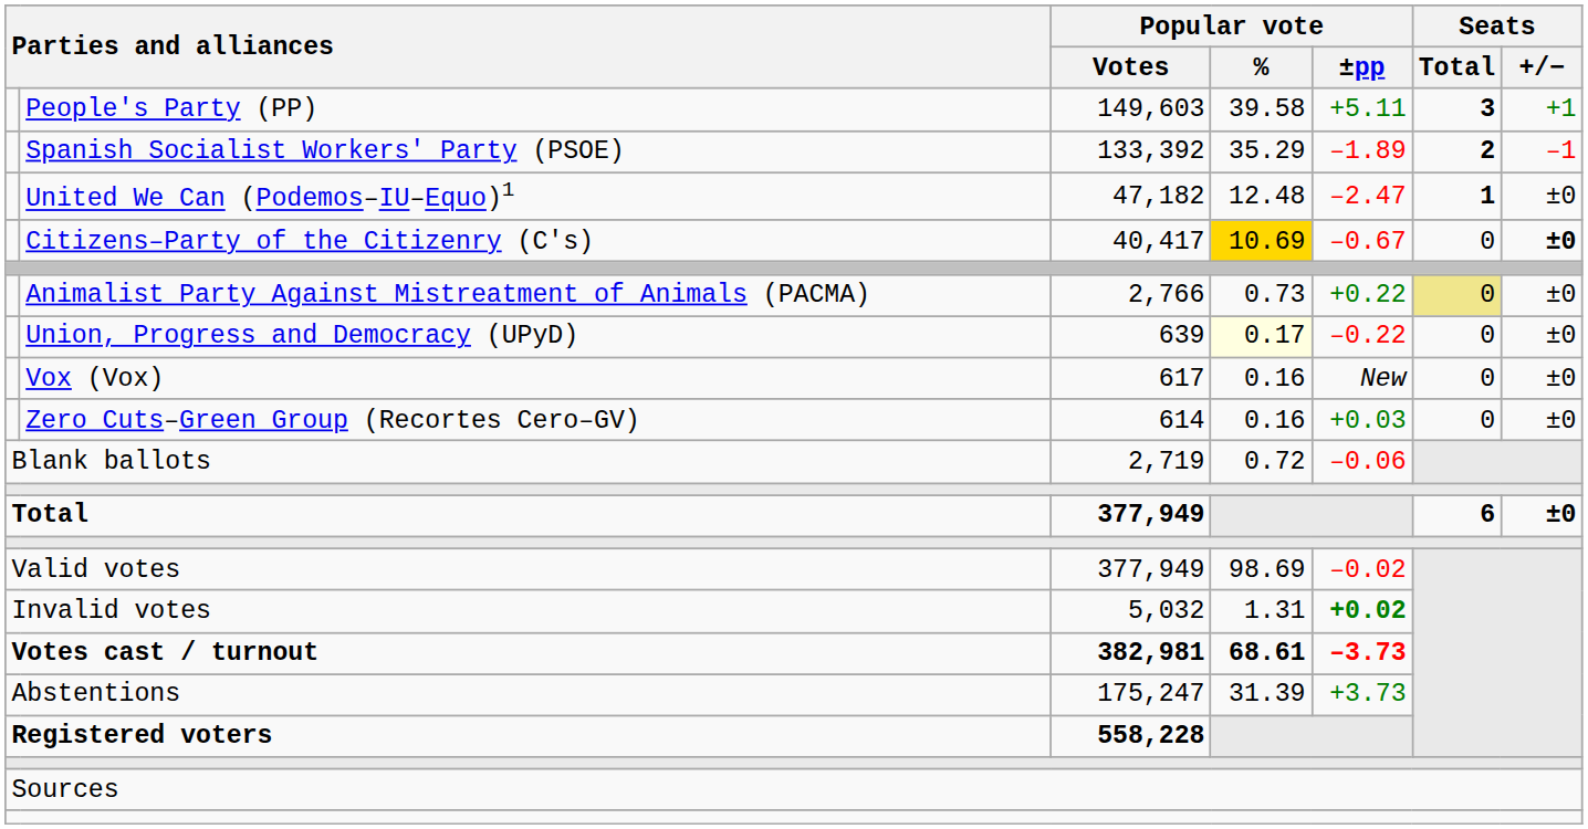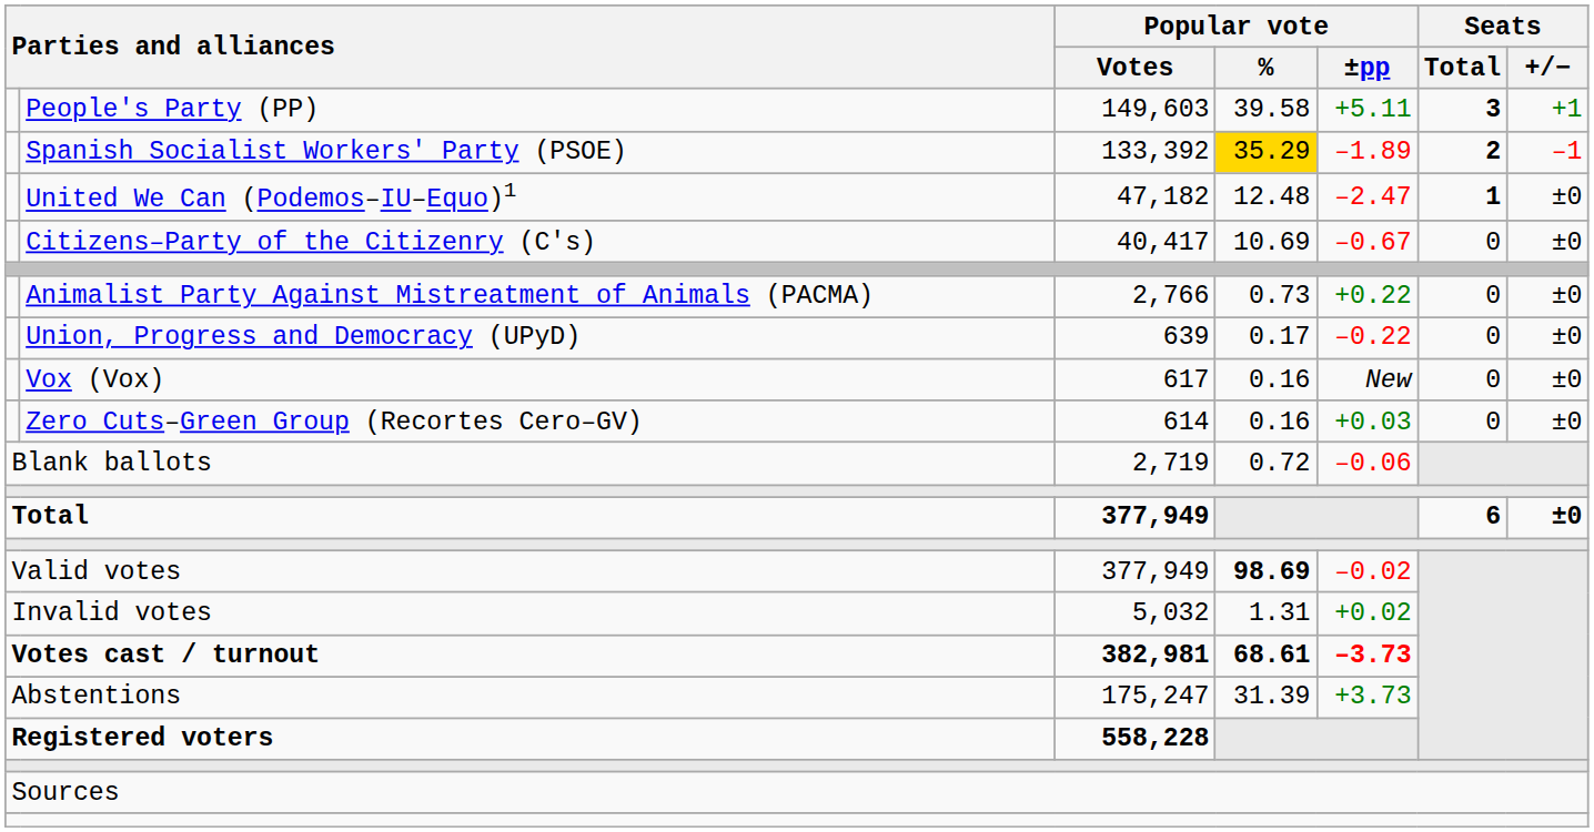 <table class="wikitable" style="text-align:right;">
 <tr>
 <th style="text-align:left;" rowspan="2" colspan="2" width="525">Parties and alliances</th>
 <th colspan="3">Popular vote</th>
 <th colspan="2">Seats</th>
 </tr>
 <tr>
 <th width="75">Votes</th>
 <th width="45">%</th>
 <th width="45">±<a href='#'>pp</a></th>
 <th width="35">Total</th>
 <th width="35">+/−</th>
 </tr>
 <tr>
 <td width="1" style="color:inherit;background:"></td>
 <td align="left"><a href='#'>People's Party</a> (PP)</td>
 <td>149,603</td>
 <td>39.58</td>
 <td style="color:green;">+5.11</td>
 <td><strong>3</strong></td>
 <td style="color:green;">+1</td>
 </tr>
 <tr>
 <td style="color:inherit;background:"></td>
 <td align="left"><a href='#'>Spanish Socialist Workers' Party</a> (PSOE)</td>
 <td>133,392</td>
-<td>35.29</td>
+<td style="background: gold;">35.29</td>
 <td style="color:red;">–1.89</td>
 <td><strong>2</strong></td>
 <td style="color:red;">–1</td>
 </tr>
 <tr>
 <td style="color:inherit;background:"></td>
 <td align="left"><a href='#'>United We Can</a> (<a href='#'>Podemos</a>–<a href='#'>IU</a>–<a href='#'>Equo</a>)<sup>1</sup></td>
 <td>47,182</td>
 <td>12.48</td>
 <td style="color:red;">–2.47</td>
 <td><strong>1</strong></td>
 <td>±0</td>
 </tr>
 <tr>
 <td style="color:inherit;background:"></td>
 <td align="left"><a href='#'>Citizens–Party of the Citizenry</a> (C's)</td>
 <td>40,417</td>
-<td style="background: gold;">10.69</td>
+<td>10.69</td>
 <td style="color:red;">–0.67</td>
 <td>0</td>
-<td><strong>±0</strong></td>
+<td>±0</td>
 </tr>
 <tr>
 <td colspan="7" bgcolor="#C0C0C0"></td>
 </tr>
 <tr>
 <td style="color:inherit;background:"></td>
 <td align="left"><a href='#'>Animalist Party Against Mistreatment of Animals</a> (PACMA)</td>
 <td>2,766</td>
 <td>0.73</td>
 <td style="color:green;">+0.22</td>
-<td style="background: khaki;">0</td>
+<td>0</td>
 <td>±0</td>
 </tr>
 <tr>
 <td style="color:inherit;background:"></td>
 <td align="left"><a href='#'>Union, Progress and Democracy</a> (UPyD)</td>
 <td>639</td>
-<td style="background: lightyellow;">0.17</td>
+<td>0.17</td>
 <td style="color:red;">–0.22</td>
 <td>0</td>
 <td>±0</td>
 </tr>
 <tr>
 <td style="color:inherit;background:"></td>
 <td align="left"><a href='#'>Vox</a> (Vox)</td>
 <td>617</td>
 <td>0.16</td>
 <td><em>New</em></td>
 <td>0</td>
 <td>±0</td>
 </tr>
 <tr>
 <td style="color:inherit;background:"></td>
 <td align="left"><a href='#'>Zero Cuts</a>–<a href='#'>Green Group</a> (Recortes Cero–GV)</td>
 <td>614</td>
 <td>0.16</td>
 <td style="color:green;">+0.03</td>
 <td>0</td>
 <td>±0</td>
 </tr>
 <tr>
 <td align="left" colspan="2">Blank ballots</td>
 <td>2,719</td>
 <td>0.72</td>
 <td style="color:red;">–0.06</td>
 <td bgcolor="#E9E9E9" colspan="2"></td>
 </tr>
 <tr>
 <td colspan="7" bgcolor="#E9E9E9"></td>
 </tr>
 <tr style="font-weight:bold;">
 <td align="left" colspan="2">Total</td>
 <td>377,949</td>
 <td bgcolor="#E9E9E9" colspan="2"></td>
 <td>6</td>
 <td>±0</td>
 </tr>
 <tr>
 <td colspan="7" bgcolor="#E9E9E9"></td>
 </tr>
 <tr>
 <td align="left" colspan="2">Valid votes</td>
 <td>377,949</td>
-<td>98.69</td>
+<td><strong>98.69</strong></td>
 <td style="color:red;">–0.02</td>
 <td bgcolor="#E9E9E9" colspan="2" rowspan="5"></td>
 </tr>
 <tr>
 <td align="left" colspan="2">Invalid votes</td>
 <td>5,032</td>
 <td>1.31</td>
-<td style="color:green;"><strong>+0.02</strong></td>
+<td style="color:green;">+0.02</td>
 </tr>
 <tr style="font-weight:bold;">
 <td align="left" colspan="2">Votes cast / turnout</td>
 <td>382,981</td>
 <td>68.61</td>
 <td style="color:red;">–3.73</td>
 </tr>
 <tr>
 <td align="left" colspan="2">Abstentions</td>
 <td>175,247</td>
 <td>31.39</td>
 <td style="color:green;">+3.73</td>
 </tr>
 <tr style="font-weight:bold;">
 <td align="left" colspan="2">Registered voters</td>
 <td>558,228</td>
 <td bgcolor="#E9E9E9" colspan="2"></td>
 </tr>
 <tr>
 <td colspan="7" bgcolor="#E9E9E9"></td>
 </tr>
 <tr>
 <td align="left" colspan="7">Sources</td>
 </tr>
 <tr>
 <td colspan="7" style="text-align:left; max-width:790px;"></td>
 </tr>
 </table>
